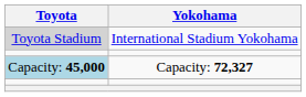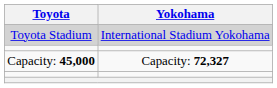 <table class="wikitable" style="text-align:center">
 <tr>
 <th><a href='#'>Toyota</a></th>
 <th><a href='#'>Yokohama</a></th>
 </tr>
 <tr>
 <td style="background: lightgrey;"><a href='#'>Toyota Stadium</a></td>
-<td><a href='#'>International Stadium Yokohama</a></td>
+<td style="background: lightgrey;"><a href='#'>International Stadium Yokohama</a></td>
 </tr>
 <tr>
 <td><small></small></td>
 <td><small></small></td>
 </tr>
 <tr>
-<td style="background: lightblue;">Capacity: <strong>45,000</strong></td>
+<td>Capacity: <strong>45,000</strong></td>
 <td>Capacity: <strong>72,327</strong></td>
 </tr>
 <tr>
 <td></td>
 <td></td>
 </tr>
 <tr>
 <th colspan="2" rowspan="1"></th>
 </tr>
 </table>
